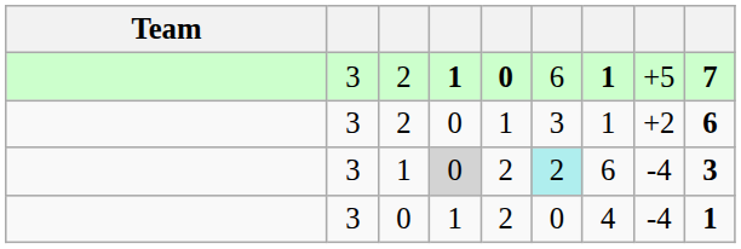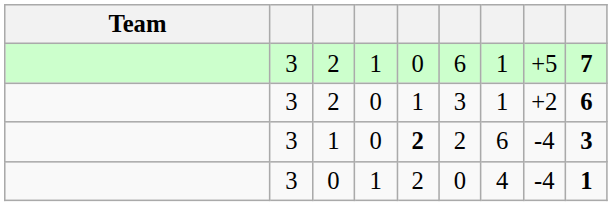 <table class="wikitable" style="text-align: center;">
 <tr>
 <th width="165">Team</th>
 <th width="20"></th>
 <th width="20"></th>
 <th width="20"></th>
 <th width="20"></th>
 <th width="20"></th>
 <th width="20"></th>
 <th width="20"></th>
 <th width="20"></th>
 </tr>
 <tr bgcolor="#ccffcc">
 <td align=left></td>
 <td>3</td>
 <td>2</td>
-<td><strong>1</strong></td>
-<td><strong>0</strong></td>
+<td>1</td>
+<td>0</td>
 <td>6</td>
-<td><strong>1</strong></td>
+<td>1</td>
 <td>+5</td>
 <td><strong>7</strong></td>
 </tr>
 <tr>
 <td align=left></td>
 <td>3</td>
 <td>2</td>
 <td>0</td>
 <td>1</td>
 <td>3</td>
 <td>1</td>
 <td>+2</td>
 <td><strong>6</strong></td>
 </tr>
 <tr>
 <td align=left></td>
 <td>3</td>
 <td>1</td>
-<td style="background: lightgrey;">0</td>
+<td>0</td>
+<td><strong>2</strong></td>
 <td>2</td>
-<td style="background: paleturquoise;">2</td>
 <td>6</td>
 <td>-4</td>
 <td><strong>3</strong></td>
 </tr>
 <tr>
 <td align=left></td>
 <td>3</td>
 <td>0</td>
 <td>1</td>
 <td>2</td>
 <td>0</td>
 <td>4</td>
 <td>-4</td>
 <td><strong>1</strong></td>
 </tr>
 </table>
